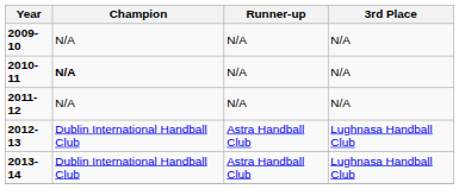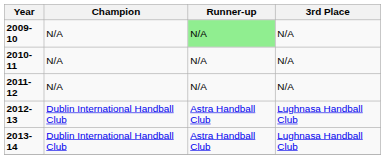 <table class="wikitable">
 <tr>
 <th>Year</th>
 <th>Champion</th>
 <th>Runner-up</th>
 <th>3rd Place</th>
 </tr>
 <tr>
 <td><strong>2009-10</strong></td>
 <td>N/A</td>
-<td>N/A</td>
+<td style="background: lightgreen;">N/A</td>
 <td>N/A</td>
 </tr>
 <tr>
 <td><strong>2010-11</strong></td>
-<td><strong>N/A</strong></td>
+<td>N/A</td>
 <td>N/A</td>
 <td>N/A</td>
 </tr>
 <tr>
 <td><strong>2011-12</strong></td>
 <td>N/A</td>
 <td>N/A</td>
 <td>N/A</td>
 </tr>
 <tr>
 <td><strong>2012-13</strong></td>
 <td><a href='#'>Dublin International Handball Club</a></td>
 <td><a href='#'>Astra Handball Club</a></td>
 <td><a href='#'>Lughnasa Handball Club</a></td>
 </tr>
 <tr>
 <td><strong>2013-14</strong></td>
 <td><a href='#'>Dublin International Handball Club</a></td>
 <td><a href='#'>Astra Handball Club</a></td>
 <td><a href='#'>Lughnasa Handball Club</a></td>
 </tr>
 <tr>
 </tr>
 </table>
